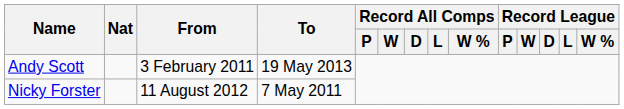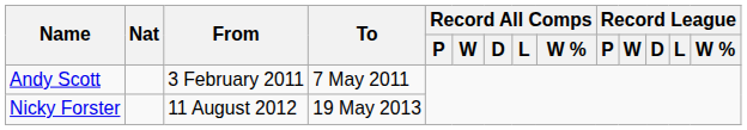 <table class="wikitable" style="text-align: center">
 <tr>
 <th rowspan="2">Name</th>
 <th rowspan="2">Nat</th>
 <th rowspan="2">From</th>
 <th rowspan="2">To</th>
 <th colspan="5">Record All Comps</th>
 <th colspan="5">Record League</th>
 </tr>
 <tr>
 <th>P</th>
 <th>W</th>
 <th>D</th>
 <th>L</th>
 <th>W %</th>
 <th>P</th>
 <th>W</th>
 <th>D</th>
 <th>L</th>
 <th>W %</th>
 </tr>
 <tr>
 <td style="text-align:left;"><a href='#'>Andy Scott</a></td>
 <td></td>
 <td style="text-align:left;">3 February 2011</td>
-<td style="text-align:left;">19 May 2013<br> </td>
+<td style="text-align:left;">7 May 2011<br> </td>
 </tr>
 <tr>
 <td style="text-align:left;"><a href='#'>Nicky Forster</a></td>
 <td></td>
 <td style="text-align:left;">11 August 2012</td>
-<td style="text-align:left;">7 May 2011<br> </td>
+<td style="text-align:left;">19 May 2013<br> </td>
 </tr>
 </table>
